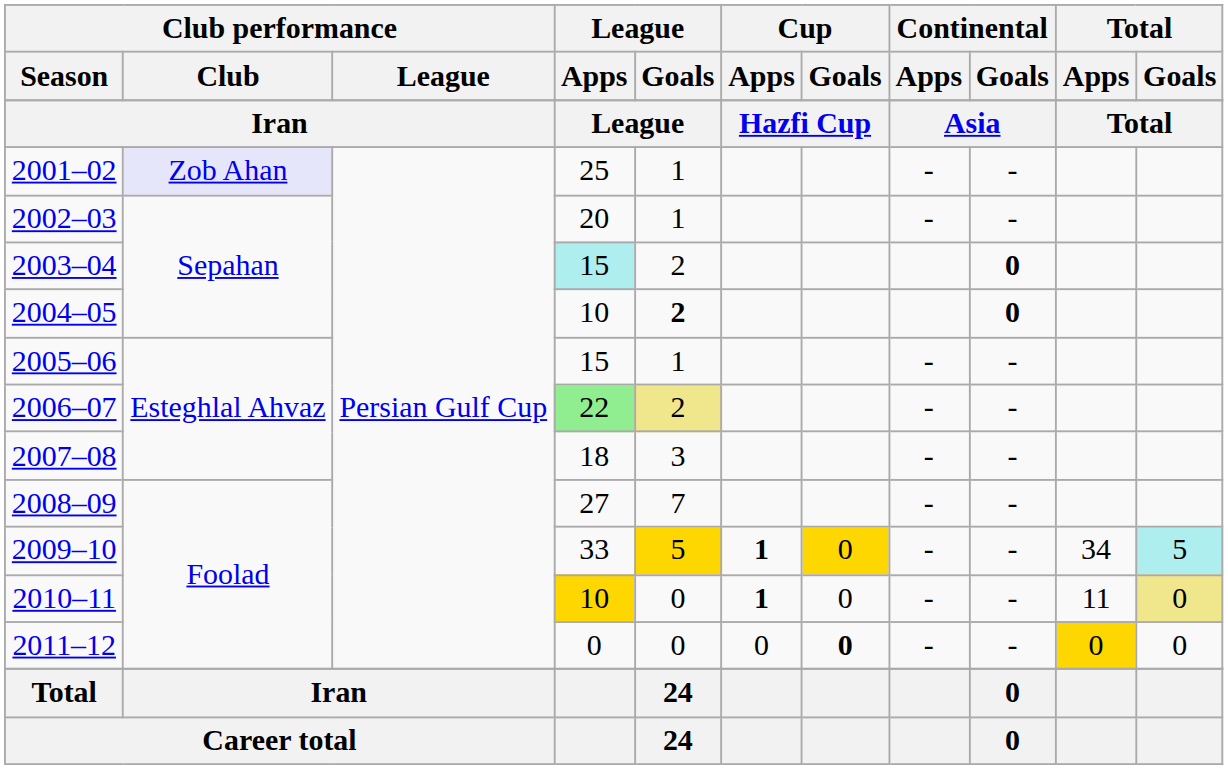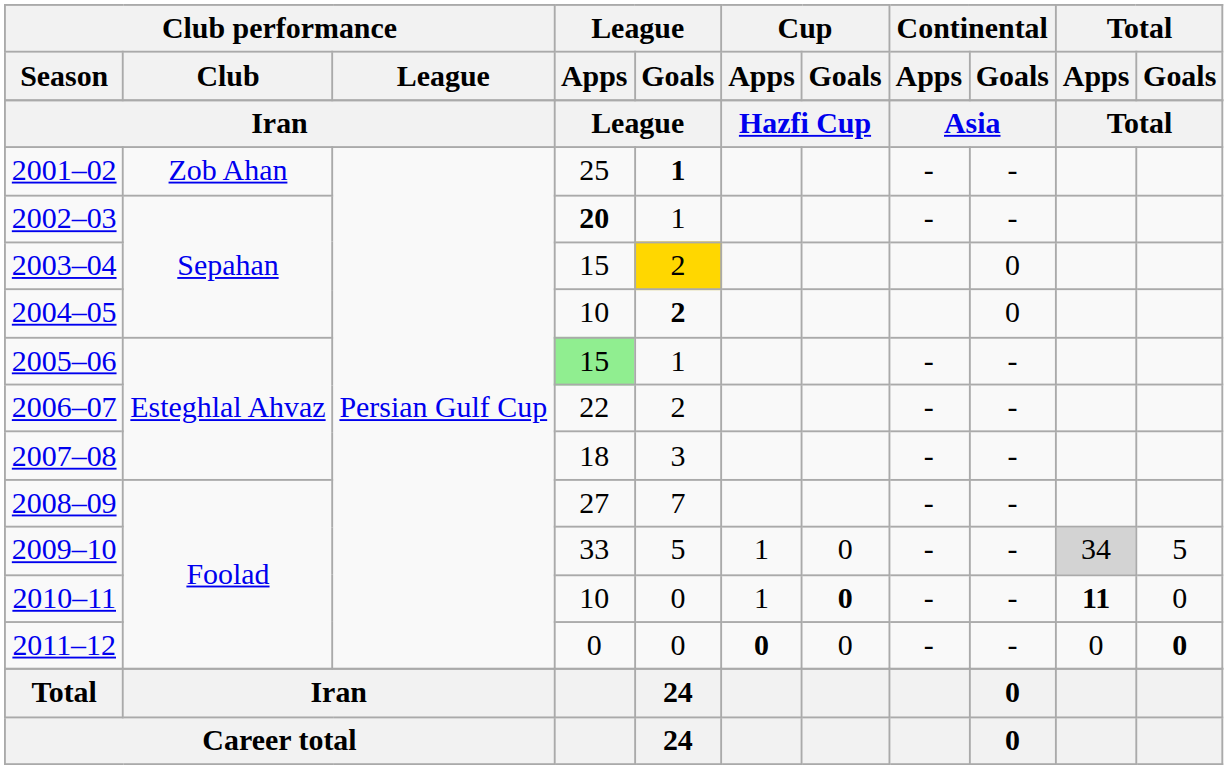 <table class="wikitable" style="text-align:center">
 <tr>
 <th colspan=3>Club performance</th>
 <th colspan=2>League</th>
 <th colspan=2>Cup</th>
 <th colspan=2>Continental</th>
 <th colspan=2>Total</th>
 </tr>
 <tr>
 <th>Season</th>
 <th>Club</th>
 <th>League</th>
 <th>Apps</th>
 <th>Goals</th>
 <th>Apps</th>
 <th>Goals</th>
 <th>Apps</th>
 <th>Goals</th>
 <th>Apps</th>
 <th>Goals</th>
 </tr>
 <tr>
 </tr>
 <tr>
 <th colspan=3>Iran</th>
 <th colspan=2>League</th>
 <th colspan=2><a href='#'>Hazfi Cup</a></th>
 <th colspan=2><a href='#'>Asia</a></th>
 <th colspan=2>Total</th>
 </tr>
 <tr>
 <td><a href='#'>2001–02</a></td>
-<td rowspan="1" style="background: lavender;"><a href='#'>Zob Ahan</a></td>
+<td rowspan="1"><a href='#'>Zob Ahan</a></td>
 <td rowspan="11"><a href='#'>Persian Gulf Cup</a></td>
 <td>25</td>
-<td>1</td>
+<td><strong>1</strong></td>
 <td></td>
 <td></td>
 <td>-</td>
 <td>-</td>
 <td></td>
 <td></td>
 </tr>
 <tr>
 <td><a href='#'>2002–03</a></td>
 <td rowspan="3"><a href='#'>Sepahan</a></td>
-<td>20</td>
+<td><strong>20</strong></td>
 <td>1</td>
 <td></td>
 <td></td>
 <td>-</td>
 <td>-</td>
 <td></td>
 <td></td>
 </tr>
 <tr>
 <td><a href='#'>2003–04</a></td>
-<td style="background: paleturquoise;">15</td>
-<td>2</td>
+<td>15</td>
+<td style="background: gold;">2</td>
 <td></td>
 <td></td>
 <td></td>
-<td><strong>0</strong></td>
+<td>0</td>
 <td></td>
 <td></td>
 </tr>
 <tr>
 <td><a href='#'>2004–05</a></td>
 <td>10</td>
 <td><strong>2</strong></td>
 <td></td>
 <td></td>
 <td></td>
-<td><strong>0</strong></td>
+<td>0</td>
 <td></td>
 <td></td>
 </tr>
 <tr>
 <td><a href='#'>2005–06</a></td>
 <td rowspan="3"><a href='#'>Esteghlal Ahvaz</a></td>
-<td>15</td>
+<td style="background: lightgreen;">15</td>
 <td>1</td>
 <td></td>
 <td></td>
 <td>-</td>
 <td>-</td>
 <td></td>
 <td></td>
 </tr>
 <tr>
 <td><a href='#'>2006–07</a></td>
-<td style="background: lightgreen;">22</td>
-<td style="background: khaki;">2</td>
+<td>22</td>
+<td>2</td>
 <td></td>
 <td></td>
 <td>-</td>
 <td>-</td>
 <td></td>
 <td></td>
 </tr>
 <tr>
 <td><a href='#'>2007–08</a></td>
 <td>18</td>
 <td>3</td>
 <td></td>
 <td></td>
 <td>-</td>
 <td>-</td>
 <td></td>
 <td></td>
 </tr>
 <tr>
 <td><a href='#'>2008–09</a></td>
 <td rowspan="4"><a href='#'>Foolad</a></td>
 <td>27</td>
 <td>7</td>
 <td></td>
 <td></td>
 <td>-</td>
 <td>-</td>
 <td></td>
 <td></td>
 </tr>
 <tr>
 <td><a href='#'>2009–10</a></td>
 <td>33</td>
-<td style="background: gold;">5</td>
-<td><strong>1</strong></td>
-<td style="background: gold;">0</td>
+<td>5</td>
+<td>1</td>
+<td>0</td>
 <td>-</td>
 <td>-</td>
-<td>34</td>
-<td style="background: paleturquoise;">5</td>
+<td style="background: lightgrey;">34</td>
+<td>5</td>
 </tr>
 <tr>
 <td><a href='#'>2010–11</a></td>
-<td style="background: gold;">10</td>
+<td>10</td>
 <td>0</td>
-<td><strong>1</strong></td>
-<td>0</td>
+<td>1</td>
+<td><strong>0</strong></td>
 <td>-</td>
 <td>-</td>
-<td>11</td>
-<td style="background: khaki;">0</td>
+<td><strong>11</strong></td>
+<td>0</td>
 </tr>
 <tr>
 <td><a href='#'>2011–12</a></td>
 <td>0</td>
 <td>0</td>
+<td><strong>0</strong></td>
+<td>0</td>
+<td>-</td>
+<td>-</td>
 <td>0</td>
 <td><strong>0</strong></td>
-<td>-</td>
-<td>-</td>
-<td style="background: gold;">0</td>
-<td>0</td>
 </tr>
 <tr>
 </tr>
 <tr>
 <th rowspan=1>Total</th>
 <th colspan=2>Iran</th>
 <th></th>
 <th>24</th>
 <th></th>
 <th></th>
 <th></th>
 <th>0</th>
 <th></th>
 <th></th>
 </tr>
 <tr>
 <th colspan=3>Career total</th>
 <th></th>
 <th>24</th>
 <th></th>
 <th></th>
 <th></th>
 <th>0</th>
 <th></th>
 <th></th>
 </tr>
 </table>
